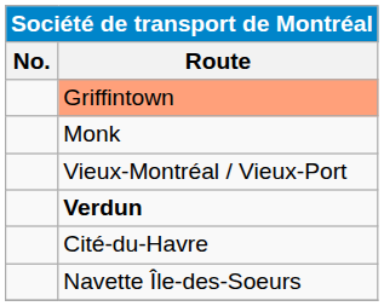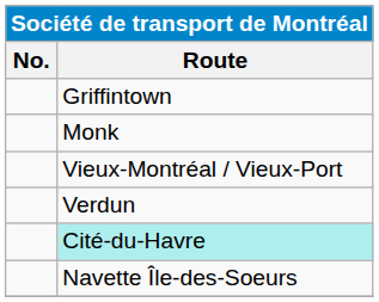 <table align=center class="wikitable">
 <tr>
 <th style="background: #0085CA; font-size:100%; color:#FFFFFF;"colspan="4">Société de transport de Montréal</th>
 </tr>
 <tr>
 <th>No.</th>
 <th>Route</th>
 </tr>
 <tr>
 <td></td>
-<td style="background: lightsalmon;">Griffintown</td>
+<td>Griffintown</td>
 </tr>
 <tr>
 <td></td>
 <td>Monk</td>
 </tr>
 <tr>
 <td></td>
 <td>Vieux-Montréal / Vieux-Port</td>
 </tr>
 <tr>
 <td {{Avoid wrap> </td>
-<td><strong>Verdun</strong></td>
+<td>Verdun</td>
 </tr>
 <tr>
 <td></td>
-<td>Cité-du-Havre</td>
+<td style="background: paleturquoise;">Cité-du-Havre</td>
 </tr>
 <tr>
 <td></td>
 <td>Navette Île-des-Soeurs</td>
 </tr>
 <tr>
 </tr>
 </table>
